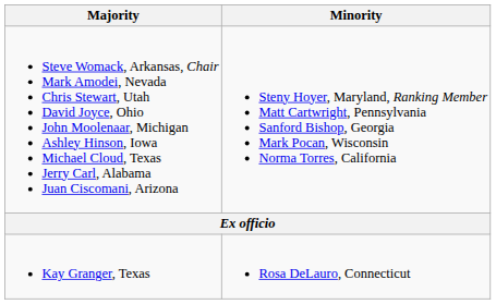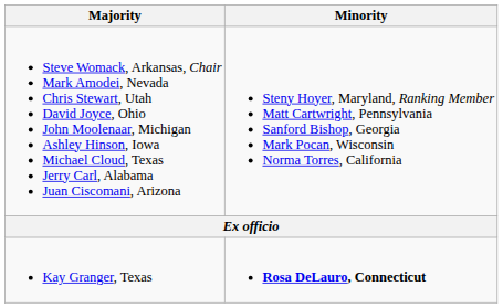 <table class=wikitable>
 <tr>
 <th>Majority</th>
 <th>Minority</th>
 </tr>
 <tr>
 <td><br><ul><li><a href='#'>Steve Womack</a>, Arkansas, <em>Chair</em></li><li><a href='#'>Mark Amodei</a>, Nevada</li><li><a href='#'>Chris Stewart</a>, Utah</li><li><a href='#'>David Joyce</a>, Ohio</li><li><a href='#'>John Moolenaar</a>, Michigan</li><li><a href='#'>Ashley Hinson</a>, Iowa</li><li><a href='#'>Michael Cloud</a>, Texas</li><li><a href='#'>Jerry Carl</a>, Alabama</li><li><a href='#'>Juan Ciscomani</a>, Arizona</li></ul></td>
 <td><br><ul><li><a href='#'>Steny Hoyer</a>, Maryland, <em>Ranking Member</em></li><li><a href='#'>Matt Cartwright</a>, Pennsylvania</li><li><a href='#'>Sanford Bishop</a>, Georgia</li><li><a href='#'>Mark Pocan</a>, Wisconsin</li><li><a href='#'>Norma Torres</a>, California</li></ul></td>
 </tr>
 <tr>
 <th colspan=2><em>Ex officio</em></th>
 </tr>
 <tr>
 <td><br><ul><li><a href='#'>Kay Granger</a>, Texas</li></ul></td>
-<td><br><ul><li><a href='#'>Rosa DeLauro</a>, Connecticut</li></ul></td>
+<td><strong><br><ul><li><a href='#'>Rosa DeLauro</a>, Connecticut</li></ul></strong></td>
 </tr>
 </table>
